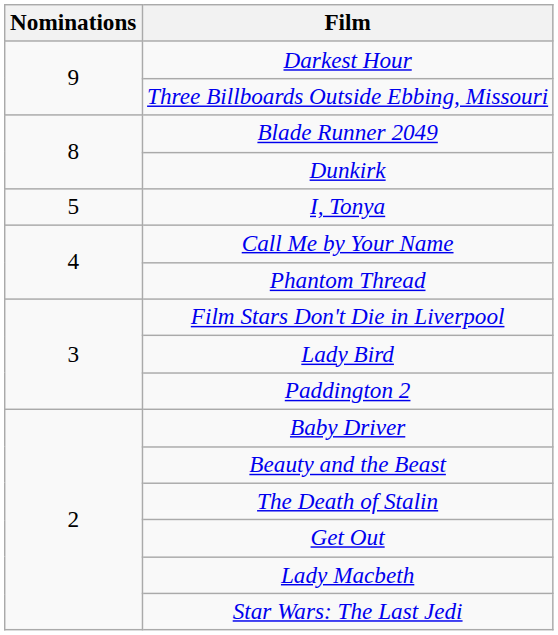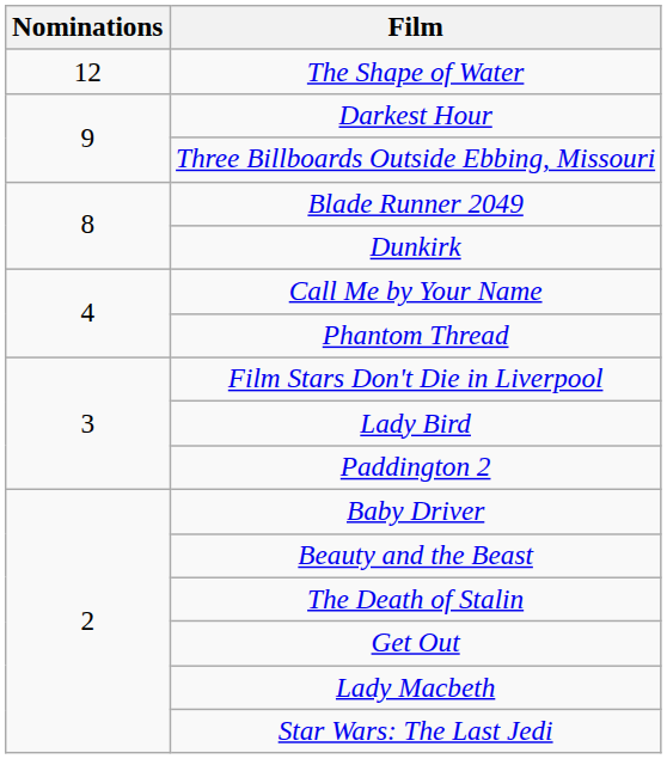 <table class="wikitable" style="text-align:center;">
 <tr>
 <th style="background:">Nominations</th>
 <th style="background:">Film</th>
+</tr>
+<tr>
+<td>12</td>
+<td><em><a href='#'>The Shape of Water</a></em></td>
 </tr>
 <tr>
 <td rowspan="2">9</td>
 <td><em><a href='#'>Darkest Hour</a></em></td>
 </tr>
 <tr>
 <td><em><a href='#'>Three Billboards Outside Ebbing, Missouri</a></em></td>
 </tr>
 <tr>
 <td rowspan="2">8</td>
 <td><em><a href='#'>Blade Runner 2049</a></em></td>
 </tr>
 <tr>
 <td><em><a href='#'>Dunkirk</a></em></td>
-</tr>
-<tr>
-<td>5</td>
-<td><em><a href='#'>I, Tonya</a></em></td>
 </tr>
 <tr>
 <td rowspan="2">4</td>
 <td><em><a href='#'>Call Me by Your Name</a></em></td>
 </tr>
 <tr>
 <td><em><a href='#'>Phantom Thread</a></em></td>
 </tr>
 <tr>
 <td rowspan="3">3</td>
 <td><em><a href='#'>Film Stars Don't Die in Liverpool</a></em></td>
 </tr>
 <tr>
 <td><em><a href='#'>Lady Bird</a></em></td>
 </tr>
 <tr>
 <td><em><a href='#'>Paddington 2</a></em></td>
 </tr>
 <tr>
 <td rowspan="6">2</td>
 <td><em><a href='#'>Baby Driver</a></em></td>
 </tr>
 <tr>
 <td><em><a href='#'>Beauty and the Beast</a></em></td>
 </tr>
 <tr>
 <td><em><a href='#'>The Death of Stalin</a></em></td>
 </tr>
 <tr>
 <td><em><a href='#'>Get Out</a></em></td>
 </tr>
 <tr>
 <td><em><a href='#'>Lady Macbeth</a></em></td>
 </tr>
 <tr>
 <td><em><a href='#'>Star Wars: The Last Jedi</a></em></td>
 </tr>
 </table>
